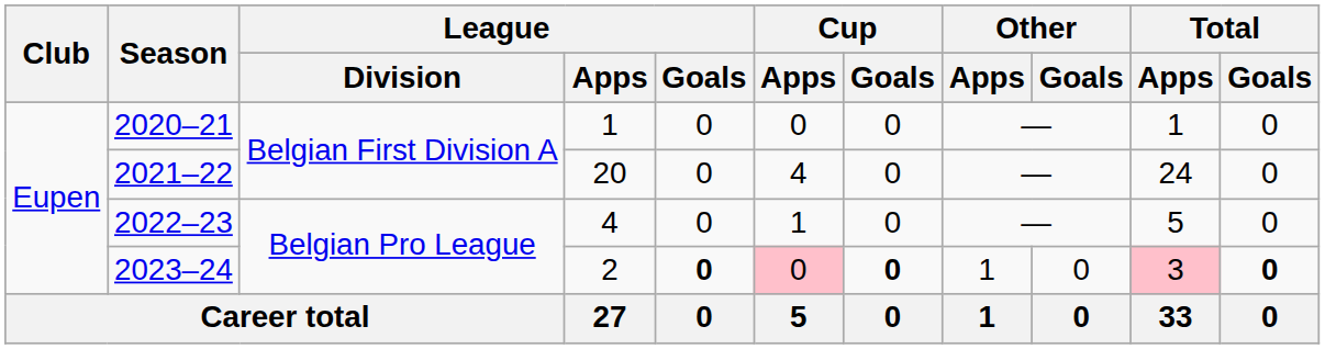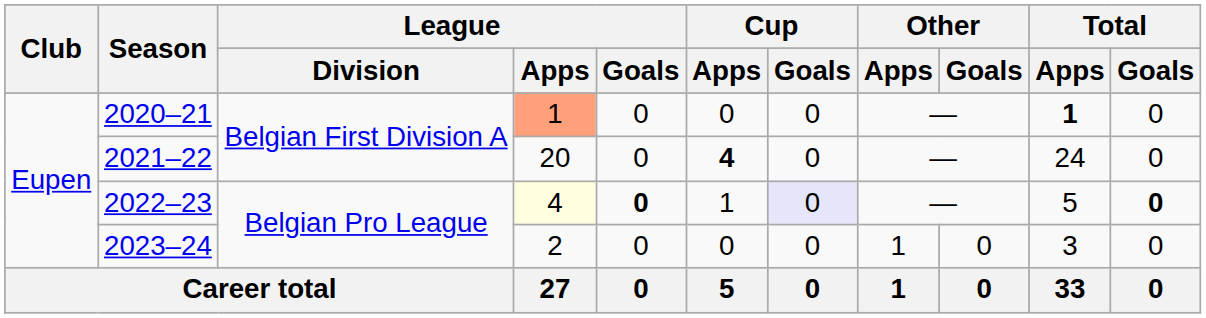 <table class="wikitable" style="text-align:center;">
 <tr>
 <th rowspan="2">Club</th>
 <th rowspan="2">Season</th>
 <th colspan="3">League</th>
 <th colspan="2">Cup</th>
 <th colspan="2">Other</th>
 <th colspan="2">Total</th>
 </tr>
 <tr>
 <th>Division</th>
 <th>Apps</th>
 <th>Goals</th>
 <th>Apps</th>
 <th>Goals</th>
 <th>Apps</th>
 <th>Goals</th>
 <th>Apps</th>
 <th>Goals</th>
 </tr>
 <tr>
 <td rowspan="4"><a href='#'>Eupen</a></td>
 <td><a href='#'>2020–21</a></td>
 <td rowspan="2"><a href='#'>Belgian First Division A</a></td>
-<td>1</td>
+<td style="background: lightsalmon;">1</td>
 <td>0</td>
 <td>0</td>
 <td>0</td>
 <td colspan="2">—</td>
-<td>1</td>
+<td><strong>1</strong></td>
 <td>0</td>
 </tr>
 <tr>
 <td><a href='#'>2021–22</a></td>
 <td>20</td>
 <td>0</td>
-<td>4</td>
+<td><strong>4</strong></td>
 <td>0</td>
 <td colspan="2">—</td>
 <td>24</td>
 <td>0</td>
 </tr>
 <tr>
 <td><a href='#'>2022–23</a></td>
 <td rowspan="2"><a href='#'>Belgian Pro League</a></td>
-<td>4</td>
-<td>0</td>
+<td style="background: lightyellow;">4</td>
+<td><strong>0</strong></td>
 <td>1</td>
-<td>0</td>
+<td style="background: lavender;">0</td>
 <td colspan="2">—</td>
 <td>5</td>
-<td>0</td>
+<td><strong>0</strong></td>
 </tr>
 <tr>
 <td><a href='#'>2023–24</a></td>
 <td>2</td>
-<td><strong>0</strong></td>
-<td style="background: pink;">0</td>
-<td><strong>0</strong></td>
+<td>0</td>
+<td>0</td>
+<td>0</td>
 <td>1</td>
 <td>0</td>
-<td style="background: pink;">3</td>
-<td><strong>0</strong></td>
+<td>3</td>
+<td>0</td>
 </tr>
 <tr>
 <th colspan="3">Career total</th>
 <th>27</th>
 <th>0</th>
 <th>5</th>
 <th>0</th>
 <th>1</th>
 <th>0</th>
 <th>33</th>
 <th>0</th>
 </tr>
 </table>
